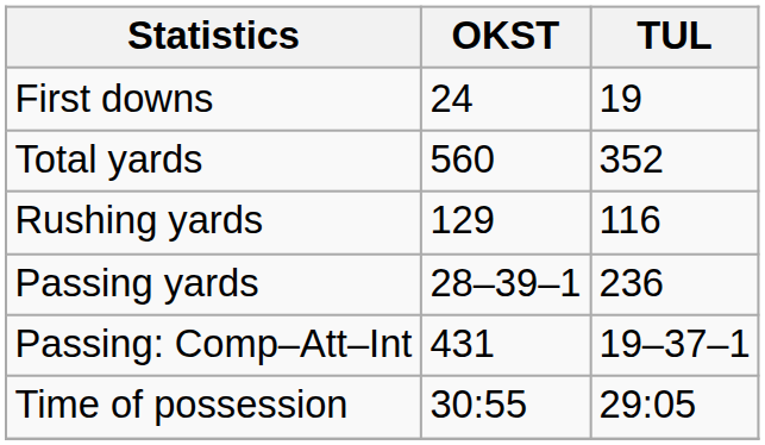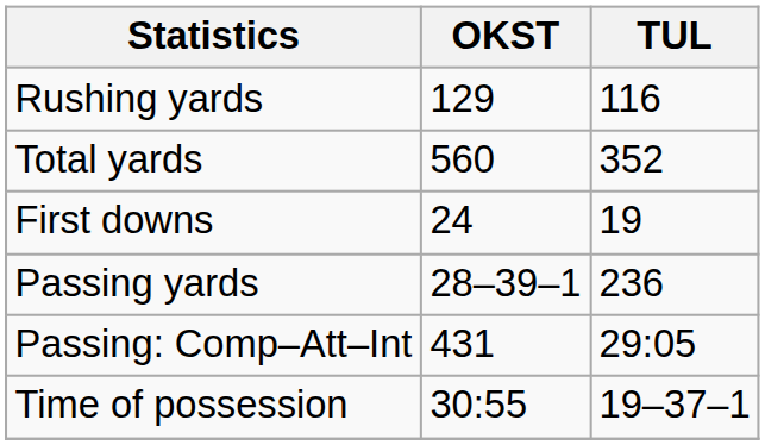 <table class="wikitable" style="float: left;">
 <tr>
 <th>Statistics</th>
 <th>OKST</th>
 <th>TUL</th>
 </tr>
 <tr>
-<td>First downs</td>
-<td>24</td>
-<td>19</td>
+<td>Rushing yards</td>
+<td>129</td>
+<td>116</td>
 </tr>
 <tr>
 <td>Total yards</td>
 <td>560</td>
 <td>352</td>
 </tr>
 <tr>
-<td>Rushing yards</td>
-<td>129</td>
-<td>116</td>
+<td>First downs</td>
+<td>24</td>
+<td>19</td>
 </tr>
 <tr>
 <td>Passing yards</td>
 <td>28–39–1</td>
 <td>236</td>
 </tr>
 <tr>
 <td>Passing: Comp–Att–Int</td>
 <td>431</td>
-<td>19–37–1</td>
+<td>29:05</td>
 </tr>
 <tr>
 <td>Time of possession</td>
 <td>30:55</td>
-<td>29:05</td>
+<td>19–37–1</td>
 </tr>
 <tr>
 </tr>
 </table>
